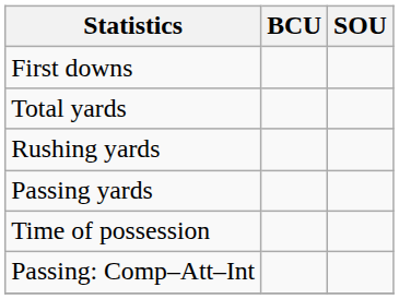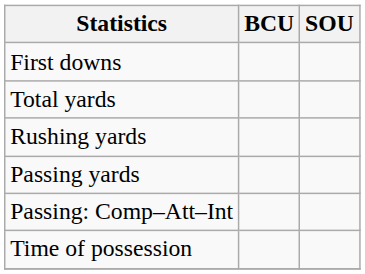 <table class="wikitable" style="float: left;">
 <tr>
 <th>Statistics</th>
 <th>BCU</th>
 <th>SOU</th>
 </tr>
 <tr>
 <td>First downs</td>
 <td></td>
 <td></td>
 </tr>
 <tr>
 <td>Total yards</td>
 <td></td>
 <td></td>
 </tr>
 <tr>
 <td>Rushing yards</td>
 <td></td>
 <td></td>
 </tr>
 <tr>
 <td>Passing yards</td>
 <td></td>
 <td></td>
 </tr>
 <tr>
-<td>Time of possession</td>
+<td>Passing: Comp–Att–Int</td>
 <td></td>
 <td></td>
 </tr>
 <tr>
-<td>Passing: Comp–Att–Int</td>
+<td>Time of possession</td>
 <td></td>
 <td></td>
 </tr>
 <tr>
 </tr>
 </table>
